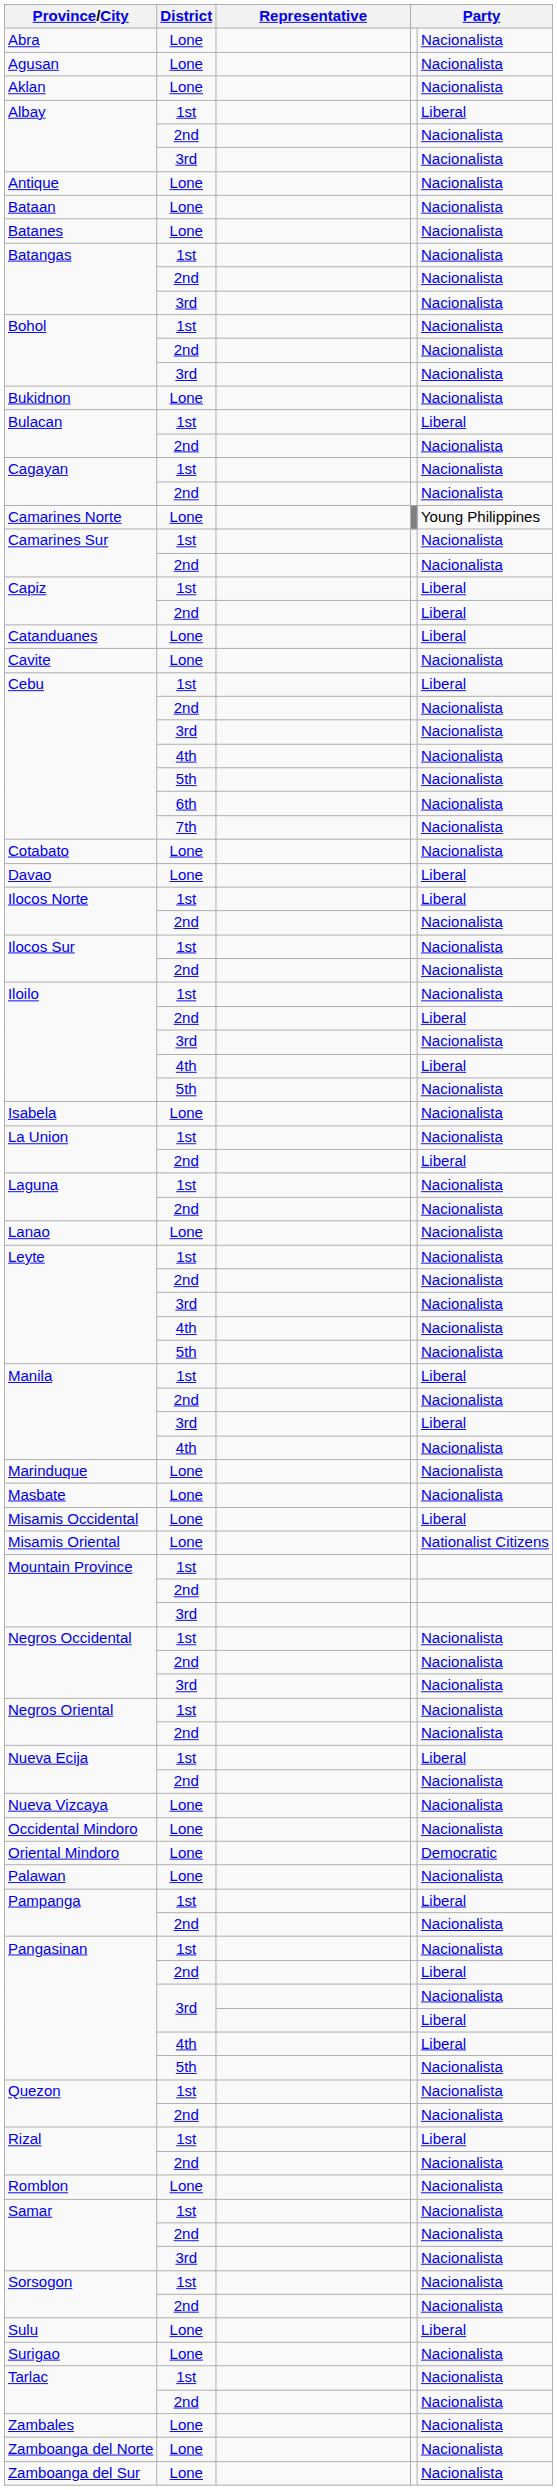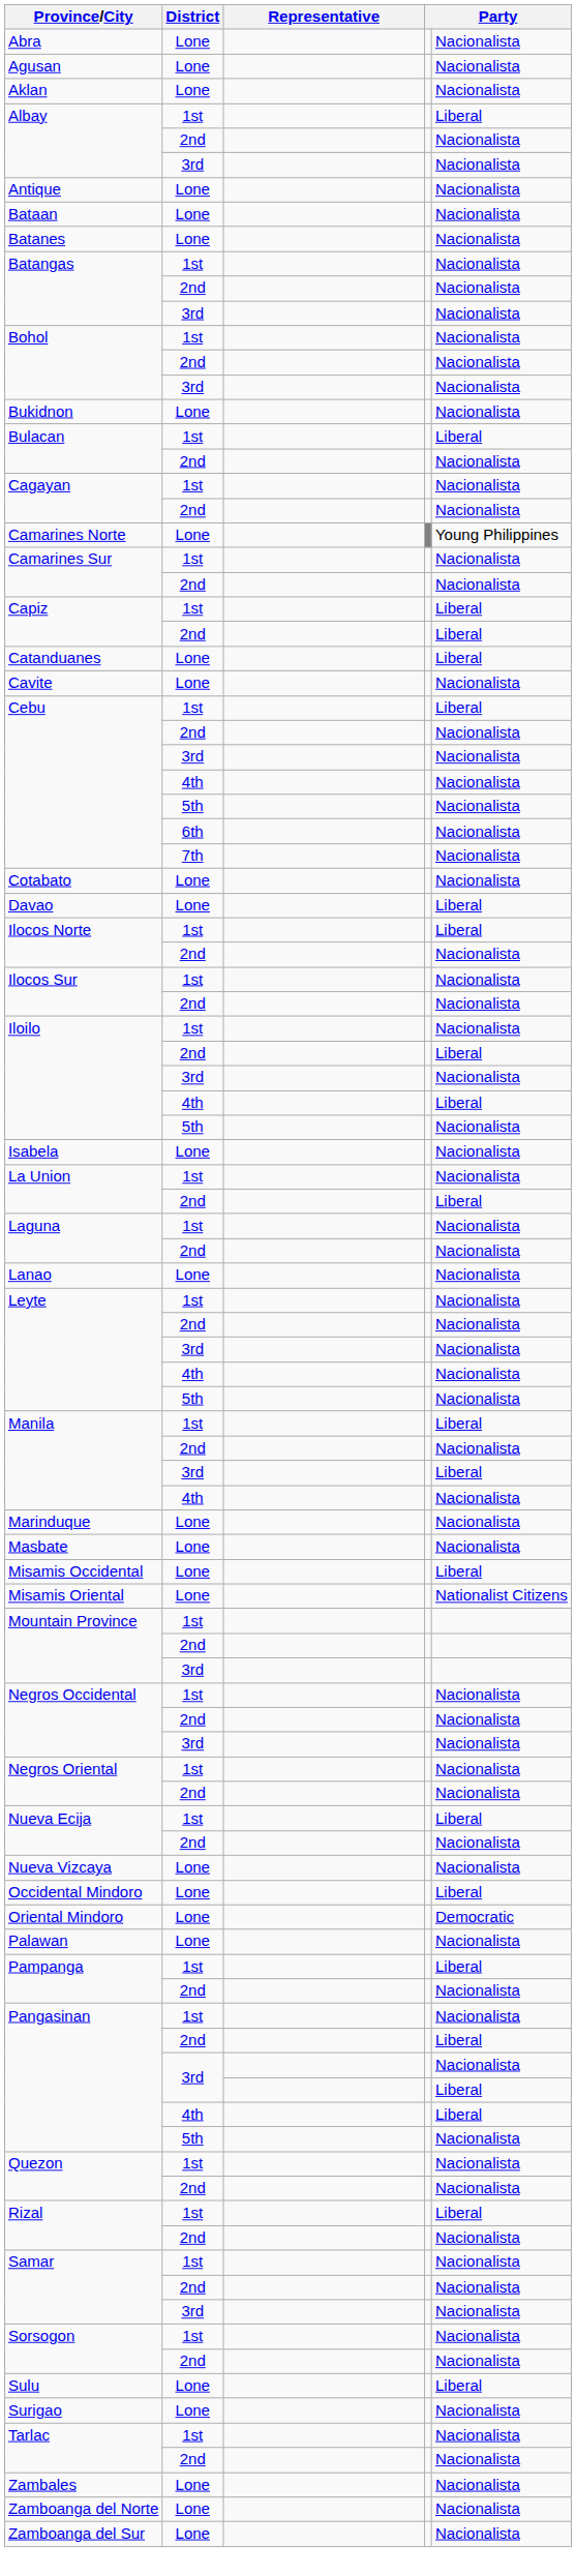 <table class="wikitable sortable">
 <tr>
 <th><a href='#'>Province</a>/<a href='#'>City</a></th>
 <th><a href='#'>District</a></th>
 <th width="200px"><a href='#'>Representative</a></th>
 <th colspan="2"><a href='#'>Party</a></th>
 </tr>
 <tr>
 <td valign="top"><a href='#'>Abra</a></td>
 <td align="center"><a href='#'>Lone</a></td>
 <td></td>
 <td></td>
 <td><a href='#'>Nacionalista</a></td>
 </tr>
 <tr>
 <td valign="top"><a href='#'>Agusan</a></td>
 <td align="center"><a href='#'>Lone</a></td>
 <td></td>
 <td></td>
 <td><a href='#'>Nacionalista</a></td>
 </tr>
 <tr>
 <td valign="top"><a href='#'>Aklan</a></td>
 <td align="center"><a href='#'>Lone</a></td>
 <td></td>
 <td></td>
 <td><a href='#'>Nacionalista</a></td>
 </tr>
 <tr>
 <td rowspan="3" valign="top"><a href='#'>Albay</a></td>
 <td align="center"><a href='#'>1st</a></td>
 <td></td>
 <td></td>
 <td><a href='#'>Liberal</a></td>
 </tr>
 <tr>
 <td align="center"><a href='#'>2nd</a></td>
 <td></td>
 <td></td>
 <td><a href='#'>Nacionalista</a></td>
 </tr>
 <tr>
 <td align="center"><a href='#'>3rd</a></td>
 <td></td>
 <td></td>
 <td><a href='#'>Nacionalista</a></td>
 </tr>
 <tr>
 <td><a href='#'>Antique</a></td>
 <td align="center"><a href='#'>Lone</a></td>
 <td></td>
 <td></td>
 <td><a href='#'>Nacionalista</a></td>
 </tr>
 <tr>
 <td valign="top"><a href='#'>Bataan</a></td>
 <td align="center"><a href='#'>Lone</a></td>
 <td></td>
 <td></td>
 <td><a href='#'>Nacionalista</a></td>
 </tr>
 <tr>
 <td valign="top"><a href='#'>Batanes</a></td>
 <td align="center"><a href='#'>Lone</a></td>
 <td></td>
 <td></td>
 <td><a href='#'>Nacionalista</a></td>
 </tr>
 <tr>
 <td rowspan="3" valign="top"><a href='#'>Batangas</a></td>
 <td align="center"><a href='#'>1st</a></td>
 <td></td>
 <td></td>
 <td><a href='#'>Nacionalista</a></td>
 </tr>
 <tr>
 <td align="center"><a href='#'>2nd</a></td>
 <td></td>
 <td></td>
 <td><a href='#'>Nacionalista</a></td>
 </tr>
 <tr>
 <td align="center"><a href='#'>3rd</a></td>
 <td></td>
 <td></td>
 <td><a href='#'>Nacionalista</a></td>
 </tr>
 <tr>
 <td rowspan="3" valign="top"><a href='#'>Bohol</a></td>
 <td align="center"><a href='#'>1st</a></td>
 <td></td>
 <td></td>
 <td><a href='#'>Nacionalista</a></td>
 </tr>
 <tr>
 <td align="center"><a href='#'>2nd</a></td>
 <td></td>
 <td></td>
 <td><a href='#'>Nacionalista</a></td>
 </tr>
 <tr>
 <td align="center"><a href='#'>3rd</a></td>
 <td></td>
 <td></td>
 <td><a href='#'>Nacionalista</a></td>
 </tr>
 <tr>
 <td valign="top"><a href='#'>Bukidnon</a></td>
 <td align="center"><a href='#'>Lone</a></td>
 <td></td>
 <td></td>
 <td><a href='#'>Nacionalista</a></td>
 </tr>
 <tr>
 <td rowspan="2" valign="top"><a href='#'>Bulacan</a></td>
 <td align="center"><a href='#'>1st</a></td>
 <td></td>
 <td></td>
 <td><a href='#'>Liberal</a></td>
 </tr>
 <tr>
 <td align="center"><a href='#'>2nd</a></td>
 <td></td>
 <td></td>
 <td><a href='#'>Nacionalista</a></td>
 </tr>
 <tr>
 <td rowspan="2" valign="top"><a href='#'>Cagayan</a></td>
 <td align="center"><a href='#'>1st</a></td>
 <td></td>
 <td></td>
 <td><a href='#'>Nacionalista</a></td>
 </tr>
 <tr>
 <td align="center"><a href='#'>2nd</a></td>
 <td></td>
 <td></td>
 <td><a href='#'>Nacionalista</a></td>
 </tr>
 <tr>
 <td valign="top"><a href='#'>Camarines Norte</a></td>
 <td align="center"><a href='#'>Lone</a></td>
 <td></td>
 <td bgcolor="gray"></td>
 <td>Young Philippines</td>
 </tr>
 <tr>
 <td rowspan="2" valign="top"><a href='#'>Camarines Sur</a></td>
 <td align="center"><a href='#'>1st</a></td>
 <td></td>
 <td></td>
 <td><a href='#'>Nacionalista</a></td>
 </tr>
 <tr>
 <td align="center"><a href='#'>2nd</a></td>
 <td></td>
 <td></td>
 <td><a href='#'>Nacionalista</a></td>
 </tr>
 <tr>
 <td rowspan="2" valign="top"><a href='#'>Capiz</a></td>
 <td align="center"><a href='#'>1st</a></td>
 <td></td>
 <td></td>
 <td><a href='#'>Liberal</a></td>
 </tr>
 <tr>
 <td align="center"><a href='#'>2nd</a></td>
 <td></td>
 <td></td>
 <td><a href='#'>Liberal</a></td>
 </tr>
 <tr>
 <td valign="top"><a href='#'>Catanduanes</a></td>
 <td align="center"><a href='#'>Lone</a></td>
 <td></td>
 <td></td>
 <td><a href='#'>Liberal</a></td>
 </tr>
 <tr>
 <td valign="top"><a href='#'>Cavite</a></td>
 <td align="center"><a href='#'>Lone</a></td>
 <td></td>
 <td></td>
 <td><a href='#'>Nacionalista</a></td>
 </tr>
 <tr>
 <td rowspan="7" valign="top"><a href='#'>Cebu</a></td>
 <td align="center"><a href='#'>1st</a></td>
 <td></td>
 <td></td>
 <td><a href='#'>Liberal</a></td>
 </tr>
 <tr>
 <td align="center"><a href='#'>2nd</a></td>
 <td></td>
 <td></td>
 <td><a href='#'>Nacionalista</a></td>
 </tr>
 <tr>
 <td align="center"><a href='#'>3rd</a></td>
 <td></td>
 <td></td>
 <td><a href='#'>Nacionalista</a></td>
 </tr>
 <tr>
 <td align="center"><a href='#'>4th</a></td>
 <td></td>
 <td></td>
 <td><a href='#'>Nacionalista</a></td>
 </tr>
 <tr>
 <td align="center"><a href='#'>5th</a></td>
 <td></td>
 <td></td>
 <td><a href='#'>Nacionalista</a></td>
 </tr>
 <tr>
 <td align="center"><a href='#'>6th</a></td>
 <td></td>
 <td></td>
 <td><a href='#'>Nacionalista</a></td>
 </tr>
 <tr>
 <td align="center"><a href='#'>7th</a></td>
 <td></td>
 <td></td>
 <td><a href='#'>Nacionalista</a></td>
 </tr>
 <tr>
 <td valign="top"><a href='#'>Cotabato</a></td>
 <td align="center"><a href='#'>Lone</a></td>
 <td></td>
 <td></td>
 <td><a href='#'>Nacionalista</a></td>
 </tr>
 <tr>
 <td valign="top"><a href='#'>Davao</a></td>
 <td align="center"><a href='#'>Lone</a></td>
 <td></td>
 <td></td>
 <td><a href='#'>Liberal</a></td>
 </tr>
 <tr>
 <td rowspan="2" valign="top"><a href='#'>Ilocos Norte</a></td>
 <td align="center"><a href='#'>1st</a></td>
 <td></td>
 <td></td>
 <td><a href='#'>Liberal</a></td>
 </tr>
 <tr>
 <td align="center"><a href='#'>2nd</a></td>
 <td></td>
 <td></td>
 <td><a href='#'>Nacionalista</a></td>
 </tr>
 <tr>
 <td rowspan="2" valign="top"><a href='#'>Ilocos Sur</a></td>
 <td align="center"><a href='#'>1st</a></td>
 <td></td>
 <td></td>
 <td><a href='#'>Nacionalista</a></td>
 </tr>
 <tr>
 <td align="center"><a href='#'>2nd</a></td>
 <td></td>
 <td></td>
 <td><a href='#'>Nacionalista</a></td>
 </tr>
 <tr>
 <td rowspan="5" valign="top"><a href='#'>Iloilo</a></td>
 <td align="center"><a href='#'>1st</a></td>
 <td></td>
 <td></td>
 <td><a href='#'>Nacionalista</a></td>
 </tr>
 <tr>
 <td align="center"><a href='#'>2nd</a></td>
 <td></td>
 <td></td>
 <td><a href='#'>Liberal</a></td>
 </tr>
 <tr>
 <td align="center"><a href='#'>3rd</a></td>
 <td></td>
 <td></td>
 <td><a href='#'>Nacionalista</a></td>
 </tr>
 <tr>
 <td align="center"><a href='#'>4th</a></td>
 <td></td>
 <td></td>
 <td><a href='#'>Liberal</a></td>
 </tr>
 <tr>
 <td align="center"><a href='#'>5th</a></td>
 <td></td>
 <td></td>
 <td><a href='#'>Nacionalista</a></td>
 </tr>
 <tr>
 <td valign="top"><a href='#'>Isabela</a></td>
 <td align="center"><a href='#'>Lone</a></td>
 <td></td>
 <td></td>
 <td><a href='#'>Nacionalista</a></td>
 </tr>
 <tr>
 <td rowspan="2" valign="top"><a href='#'>La Union</a></td>
 <td align="center"><a href='#'>1st</a></td>
 <td></td>
 <td></td>
 <td><a href='#'>Nacionalista</a></td>
 </tr>
 <tr>
 <td align="center"><a href='#'>2nd</a></td>
 <td></td>
 <td></td>
 <td><a href='#'>Liberal</a></td>
 </tr>
 <tr>
 <td rowspan="2" valign="top"><a href='#'>Laguna</a></td>
 <td align="center"><a href='#'>1st</a></td>
 <td></td>
 <td></td>
 <td><a href='#'>Nacionalista</a></td>
 </tr>
 <tr>
 <td align="center"><a href='#'>2nd</a></td>
 <td></td>
 <td></td>
 <td><a href='#'>Nacionalista</a></td>
 </tr>
 <tr>
 <td valign="top"><a href='#'>Lanao</a></td>
 <td align="center"><a href='#'>Lone</a></td>
 <td></td>
 <td></td>
 <td><a href='#'>Nacionalista</a></td>
 </tr>
 <tr>
 <td rowspan="5" valign="top"><a href='#'>Leyte</a></td>
 <td align="center"><a href='#'>1st</a></td>
 <td></td>
 <td></td>
 <td><a href='#'>Nacionalista</a></td>
 </tr>
 <tr>
 <td align="center"><a href='#'>2nd</a></td>
 <td></td>
 <td></td>
 <td><a href='#'>Nacionalista</a></td>
 </tr>
 <tr>
 <td align="center"><a href='#'>3rd</a></td>
 <td></td>
 <td></td>
 <td><a href='#'>Nacionalista</a></td>
 </tr>
 <tr>
 <td align="center"><a href='#'>4th</a></td>
 <td></td>
 <td></td>
 <td><a href='#'>Nacionalista</a></td>
 </tr>
 <tr>
 <td align="center"><a href='#'>5th</a></td>
 <td></td>
 <td></td>
 <td><a href='#'>Nacionalista</a></td>
 </tr>
 <tr>
 <td rowspan="4" valign="top"><a href='#'>Manila</a></td>
 <td align="center"><a href='#'>1st</a></td>
 <td></td>
 <td></td>
 <td><a href='#'>Liberal</a></td>
 </tr>
 <tr>
 <td align="center"><a href='#'>2nd</a></td>
 <td></td>
 <td></td>
 <td><a href='#'>Nacionalista</a></td>
 </tr>
 <tr>
 <td align="center"><a href='#'>3rd</a></td>
 <td></td>
 <td></td>
 <td><a href='#'>Liberal</a></td>
 </tr>
 <tr>
 <td align="center"><a href='#'>4th</a></td>
 <td></td>
 <td></td>
 <td><a href='#'>Nacionalista</a></td>
 </tr>
 <tr>
 <td valign="top"><a href='#'>Marinduque</a></td>
 <td align="center"><a href='#'>Lone</a></td>
 <td></td>
 <td></td>
 <td><a href='#'>Nacionalista</a></td>
 </tr>
 <tr>
 <td valign="top"><a href='#'>Masbate</a></td>
 <td align="center"><a href='#'>Lone</a></td>
 <td></td>
 <td></td>
 <td><a href='#'>Nacionalista</a></td>
 </tr>
 <tr>
 <td valign="top"><a href='#'>Misamis Occidental</a></td>
 <td align="center"><a href='#'>Lone</a></td>
 <td></td>
 <td></td>
 <td><a href='#'>Liberal</a></td>
 </tr>
 <tr>
 <td valign="top"><a href='#'>Misamis Oriental</a></td>
 <td align="center"><a href='#'>Lone</a></td>
 <td></td>
 <td></td>
 <td><a href='#'>Nationalist Citizens</a></td>
 </tr>
 <tr>
 <td rowspan="3" valign="top"><a href='#'>Mountain Province</a></td>
 <td align="center"><a href='#'>1st</a></td>
 <td></td>
 <td></td>
 <td></td>
 </tr>
 <tr>
 <td align="center"><a href='#'>2nd</a></td>
 <td></td>
 <td></td>
 <td></td>
 </tr>
 <tr>
 <td align="center"><a href='#'>3rd</a></td>
 <td></td>
 <td></td>
 <td></td>
 </tr>
 <tr>
 <td rowspan="3" valign="top"><a href='#'>Negros Occidental</a></td>
 <td align="center"><a href='#'>1st</a></td>
 <td></td>
 <td></td>
 <td><a href='#'>Nacionalista</a></td>
 </tr>
 <tr>
 <td align="center"><a href='#'>2nd</a></td>
 <td></td>
 <td></td>
 <td><a href='#'>Nacionalista</a></td>
 </tr>
 <tr>
 <td align="center"><a href='#'>3rd</a></td>
 <td></td>
 <td></td>
 <td><a href='#'>Nacionalista</a></td>
 </tr>
 <tr>
 <td rowspan="2" valign="top"><a href='#'>Negros Oriental</a></td>
 <td align="center"><a href='#'>1st</a></td>
 <td></td>
 <td></td>
 <td><a href='#'>Nacionalista</a></td>
 </tr>
 <tr>
 <td align="center"><a href='#'>2nd</a></td>
 <td></td>
 <td></td>
 <td><a href='#'>Nacionalista</a></td>
 </tr>
 <tr>
 <td rowspan="2" valign="top"><a href='#'>Nueva Ecija</a></td>
 <td align="center"><a href='#'>1st</a></td>
 <td></td>
 <td></td>
 <td><a href='#'>Liberal</a></td>
 </tr>
 <tr>
 <td align="center"><a href='#'>2nd</a></td>
 <td></td>
 <td></td>
 <td><a href='#'>Nacionalista</a></td>
 </tr>
 <tr>
 <td valign="top"><a href='#'>Nueva Vizcaya</a></td>
 <td align="center"><a href='#'>Lone</a></td>
 <td></td>
 <td></td>
 <td><a href='#'>Nacionalista</a></td>
 </tr>
 <tr>
 <td valign="top"><a href='#'>Occidental Mindoro</a></td>
 <td align="center"><a href='#'>Lone</a></td>
 <td></td>
 <td></td>
-<td><a href='#'>Nacionalista</a></td>
+<td><a href='#'>Liberal</a></td>
 </tr>
 <tr>
 <td valign="top"><a href='#'>Oriental Mindoro</a></td>
 <td align="center"><a href='#'>Lone</a></td>
 <td></td>
 <td></td>
 <td><a href='#'>Democratic</a></td>
 </tr>
 <tr>
 <td valign="top"><a href='#'>Palawan</a></td>
 <td align="center"><a href='#'>Lone</a></td>
 <td></td>
 <td></td>
 <td><a href='#'>Nacionalista</a></td>
 </tr>
 <tr>
 <td rowspan="2" valign="top"><a href='#'>Pampanga</a></td>
 <td align="center"><a href='#'>1st</a></td>
 <td></td>
 <td></td>
 <td><a href='#'>Liberal</a></td>
 </tr>
 <tr>
 <td align="center"><a href='#'>2nd</a></td>
 <td></td>
 <td></td>
 <td><a href='#'>Nacionalista</a></td>
 </tr>
 <tr>
 <td rowspan="6" valign="top"><a href='#'>Pangasinan</a></td>
 <td align="center"><a href='#'>1st</a></td>
 <td></td>
 <td></td>
 <td><a href='#'>Nacionalista</a></td>
 </tr>
 <tr>
 <td align="center"><a href='#'>2nd</a></td>
 <td></td>
 <td></td>
 <td><a href='#'>Liberal</a></td>
 </tr>
 <tr>
 <td rowspan="2" align="center"><a href='#'>3rd</a></td>
 <td></td>
 <td></td>
 <td><a href='#'>Nacionalista</a></td>
 </tr>
 <tr>
 <td></td>
 <td></td>
 <td><a href='#'>Liberal</a></td>
 </tr>
 <tr>
 <td align="center"><a href='#'>4th</a></td>
 <td></td>
 <td></td>
 <td><a href='#'>Liberal</a></td>
 </tr>
 <tr>
 <td align="center"><a href='#'>5th</a></td>
 <td></td>
 <td></td>
 <td><a href='#'>Nacionalista</a></td>
 </tr>
 <tr>
 <td rowspan="2"  valign="top"><a href='#'>Quezon</a></td>
 <td align="center"><a href='#'>1st</a></td>
 <td></td>
 <td></td>
 <td><a href='#'>Nacionalista</a></td>
 </tr>
 <tr>
 <td align="center"><a href='#'>2nd</a></td>
 <td></td>
 <td></td>
 <td><a href='#'>Nacionalista</a></td>
 </tr>
 <tr>
 <td rowspan="2" valign="top"><a href='#'>Rizal</a></td>
 <td align="center"><a href='#'>1st</a></td>
 <td></td>
 <td></td>
 <td><a href='#'>Liberal</a></td>
 </tr>
 <tr>
 <td align="center"><a href='#'>2nd</a></td>
 <td></td>
 <td></td>
 <td><a href='#'>Nacionalista</a></td>
 </tr>
 <tr>
-<td valign="top"><a href='#'>Romblon</a></td>
-<td align="center"><a href='#'>Lone</a></td>
-<td></td>
-<td></td>
-<td><a href='#'>Nacionalista</a></td>
-</tr>
-<tr>
 <td rowspan="3" valign="top"><a href='#'>Samar</a></td>
 <td align="center"><a href='#'>1st</a></td>
 <td></td>
 <td></td>
 <td><a href='#'>Nacionalista</a></td>
 </tr>
 <tr>
 <td align="center"><a href='#'>2nd</a></td>
 <td></td>
 <td></td>
 <td><a href='#'>Nacionalista</a></td>
 </tr>
 <tr>
 <td align="center"><a href='#'>3rd</a></td>
 <td></td>
 <td></td>
 <td><a href='#'>Nacionalista</a></td>
 </tr>
 <tr>
 <td rowspan="2" valign="top"><a href='#'>Sorsogon</a></td>
 <td align="center"><a href='#'>1st</a></td>
 <td></td>
 <td></td>
 <td><a href='#'>Nacionalista</a></td>
 </tr>
 <tr>
 <td align="center"><a href='#'>2nd</a></td>
 <td></td>
 <td></td>
 <td><a href='#'>Nacionalista</a></td>
 </tr>
 <tr>
 <td valign="top"><a href='#'>Sulu</a></td>
 <td align="center"><a href='#'>Lone</a></td>
 <td></td>
 <td></td>
 <td><a href='#'>Liberal</a></td>
 </tr>
 <tr>
 <td valign="top"><a href='#'>Surigao</a></td>
 <td align="center"><a href='#'>Lone</a></td>
 <td></td>
 <td></td>
 <td><a href='#'>Nacionalista</a></td>
 </tr>
 <tr>
 <td rowspan="2" valign="top"><a href='#'>Tarlac</a></td>
 <td align="center"><a href='#'>1st</a></td>
 <td></td>
 <td></td>
 <td><a href='#'>Nacionalista</a></td>
 </tr>
 <tr>
 <td align="center"><a href='#'>2nd</a></td>
 <td></td>
 <td></td>
 <td><a href='#'>Nacionalista</a></td>
 </tr>
 <tr>
 <td valign="top"><a href='#'>Zambales</a></td>
 <td align="center"><a href='#'>Lone</a></td>
 <td></td>
 <td></td>
 <td><a href='#'>Nacionalista</a></td>
 </tr>
 <tr>
 <td valign="top"><a href='#'>Zamboanga del Norte</a></td>
 <td align="center"><a href='#'>Lone</a></td>
 <td></td>
 <td></td>
 <td><a href='#'>Nacionalista</a></td>
 </tr>
 <tr>
 <td valign="top"><a href='#'>Zamboanga del Sur</a></td>
 <td align="center"><a href='#'>Lone</a></td>
 <td></td>
 <td></td>
 <td><a href='#'>Nacionalista</a></td>
 </tr>
 </table>
